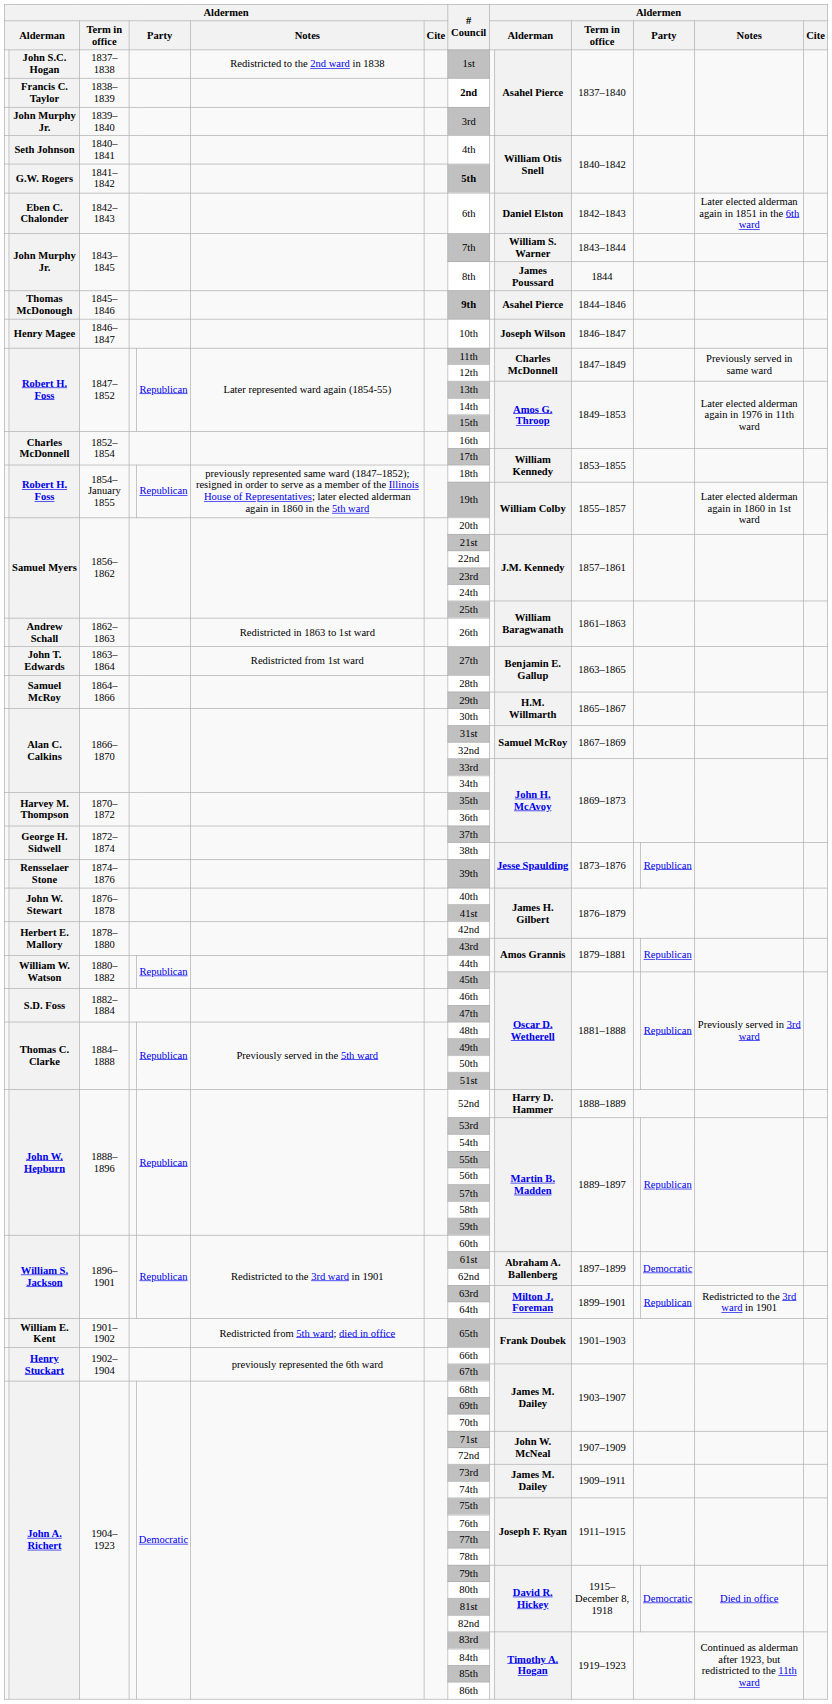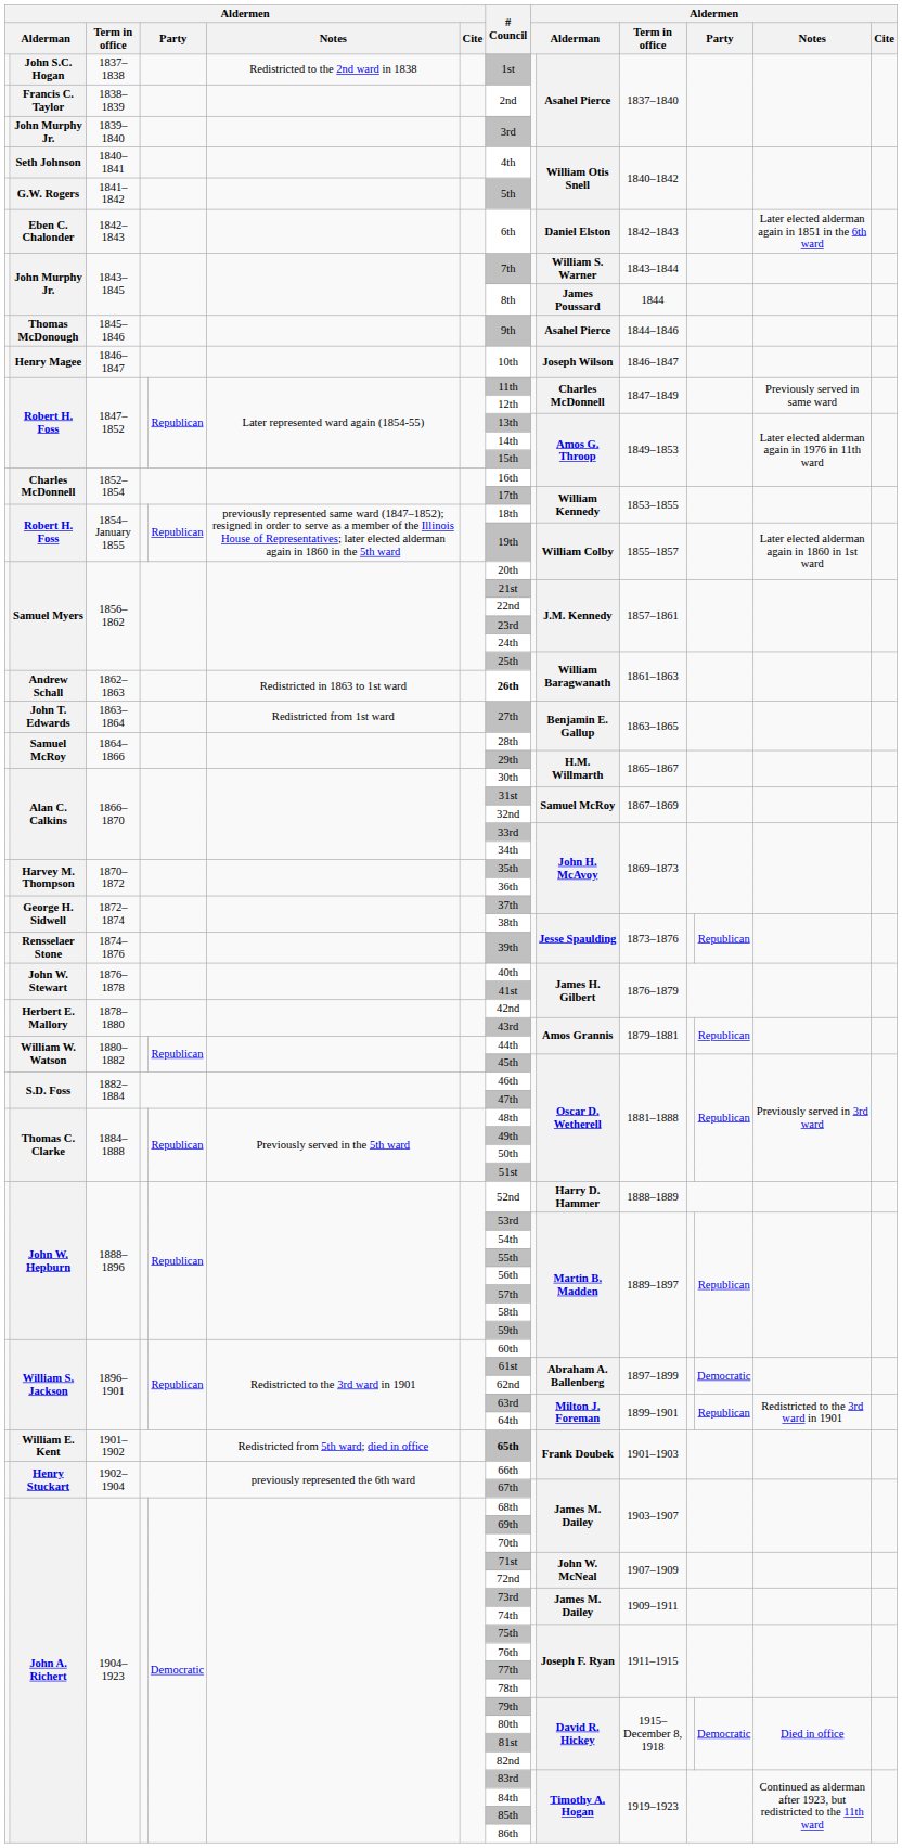 <table class="wikitable mw-collapsible" style="text-align:center;">
 <tr>
 <th scope="col" colspan="7">Aldermen</th>
 <th rowspan=2 scope=col># Council</th>
 <th scope="col" colspan="7">Aldermen</th>
 </tr>
 <tr>
 <th scope="col" colspan="2">Alderman</th>
 <th scope="col">Term in office</th>
 <th scope="col" colspan=2>Party</th>
 <th scope="col">Notes</th>
 <th scope="col">Cite</th>
 <th scope="col" colspan="2">Alderman</th>
 <th scope="col">Term in office</th>
 <th scope="col" colspan=2>Party</th>
 <th scope="col">Notes</th>
 <th scope="col">Cite</th>
 </tr>
 <tr>
 <td></td>
 <th scope="row">John S.C. Hogan</th>
 <td>1837–1838</td>
 <td colspan=2></td>
 <td>Redistricted to the <a href='#'>2nd ward</a> in 1838</td>
 <td></td>
 <td style= "background-color:#C0C0C0">1st</td>
 <td rowspan=3></td>
 <th rowspan=3 scope="row">Asahel Pierce</th>
 <td rowspan=3>1837–1840</td>
 <td rowspan=3 colspan=2></td>
 <td rowspan=3></td>
 <td rowspan=3></td>
 </tr>
 <tr>
 <td></td>
 <th scope="row">Francis C. Taylor</th>
 <td>1838–1839</td>
 <td colspan=2></td>
 <td></td>
 <td></td>
-<td style= "background-color:#FFFFFF"><strong>2nd</strong></td>
+<td style= "background-color:#FFFFFF">2nd</td>
 </tr>
 <tr>
 <td></td>
 <th scope="row">John Murphy Jr.</th>
 <td>1839–1840</td>
 <td colspan=2></td>
 <td></td>
 <td></td>
 <td style= "background-color:#C0C0C0">3rd</td>
 </tr>
 <tr>
 <td></td>
 <th scope="row">Seth Johnson</th>
 <td>1840–1841</td>
 <td colspan=2></td>
 <td></td>
 <td></td>
 <td style= "background-color:#FFFFFF">4th</td>
 <td rowspan=2></td>
 <th rowspan=2 scope="row">William Otis Snell</th>
 <td rowspan=2>1840–1842</td>
 <td rowspan=2 colspan=2></td>
 <td rowspan=2></td>
 <td rowspan=2></td>
 </tr>
 <tr>
 <td></td>
 <th scope="row">G.W. Rogers</th>
 <td>1841–1842</td>
 <td colspan=2></td>
 <td></td>
 <td></td>
-<td style= "background-color:#C0C0C0"><strong>5th</strong></td>
+<td style= "background-color:#C0C0C0">5th</td>
 </tr>
 <tr>
 <td></td>
 <th scope="row">Eben C. Chalonder</th>
 <td>1842–1843</td>
 <td colspan=2></td>
 <td></td>
 <td></td>
 <td style= "background-color:#FFFFFF">6th</td>
 <td></td>
 <th scope="row">Daniel Elston</th>
 <td>1842–1843</td>
 <td colspan=2></td>
 <td>Later elected alderman again in 1851 in the <a href='#'>6th ward</a></td>
 <td></td>
 </tr>
 <tr>
 <td rowspan=3></td>
 <th rowspan=3 scope="row">John Murphy Jr.</th>
 <td rowspan=3>1843–1845</td>
 <td rowspan=3 colspan=2></td>
 <td rowspan=3></td>
 <td rowspan=3></td>
 <td style= "background-color:#C0C0C0">7th</td>
 <td></td>
 <th scope="row">William S. Warner</th>
 <td>1843–1844</td>
 <td colspan=2></td>
 <td></td>
 <td></td>
 </tr>
 <tr>
 <td rowspan=2 style="background-color:#FFFFFF">8th</td>
 <td></td>
 <th scope="row">James Poussard</th>
 <td>1844</td>
 <td colspan=2></td>
 <td></td>
 <td></td>
 </tr>
 <tr>
 <td rowspan=2></td>
 <th rowspan=2 scope="row">Asahel Pierce</th>
 <td rowspan=2>1844–1846</td>
 <td rowspan=2 colspan=2></td>
 <td rowspan=2></td>
 <td rowspan=2></td>
 </tr>
 <tr>
 <td></td>
 <th scope="row">Thomas McDonough</th>
 <td>1845–1846</td>
 <td colspan=2></td>
 <td></td>
 <td></td>
-<td style= "background-color:#C0C0C0"><strong>9th</strong></td>
+<td style= "background-color:#C0C0C0">9th</td>
 </tr>
 <tr>
 <td></td>
 <th scope="row">Henry Magee</th>
 <td>1846–1847</td>
 <td colspan=2></td>
 <td></td>
 <td></td>
 <td style= "background-color:#FFFFFF">10th</td>
 <td></td>
 <th scope="row">Joseph Wilson</th>
 <td>1846–1847</td>
 <td colspan=2></td>
 <td></td>
 <td></td>
 </tr>
 <tr>
 <td rowspan=5></td>
 <th rowspan=5 scope="row"><a href='#'>Robert H. Foss</a></th>
 <td rowspan=5>1847–1852</td>
 <td rowspan=5> </td>
 <td rowspan=5><a href='#'>Republican</a></td>
 <td rowspan=5>Later represented ward again (1854-55)</td>
 <td rowspan=5></td>
 <td style="background-color:#C0C0C0">11th</td>
 <td rowspan=2></td>
 <th rowspan=2 scope="row">Charles McDonnell</th>
 <td rowspan=2>1847–1849</td>
 <td rowspan=2 colspan=2></td>
 <td rowspan=2>Previously served in same ward</td>
 <td rowspan=2></td>
 </tr>
 <tr>
 <td style= "background-color:#FFFFFF">12th</td>
 </tr>
 <tr>
 <td style= "background-color:#C0C0C0">13th</td>
 <td rowspan=4></td>
 <th rowspan=4 scope="row"><a href='#'>Amos G. Throop</a></th>
 <td rowspan=4>1849–1853</td>
 <td rowspan=4 colspan=2></td>
 <td rowspan=4>Later elected alderman again in 1976 in 11th ward</td>
 <td rowspan=4></td>
 </tr>
 <tr>
 <td style= "background-color:#FFFFFF">14th</td>
 </tr>
 <tr>
 <td style= "background-color:#C0C0C0">15th</td>
 </tr>
 <tr>
 <td rowspan=2></td>
 <th rowspan=2 scope="row">Charles McDonnell</th>
 <td rowspan=2>1852–1854</td>
 <td rowspan=2 colspan=2></td>
 <td rowspan=2></td>
 <td rowspan=2></td>
 <td style= "background-color:#FFFFFF">16th</td>
 </tr>
 <tr>
 <td style= "background-color:#C0C0C0">17th</td>
 <td rowspan=2></td>
 <th rowspan=2 scope="row">William Kennedy</th>
 <td rowspan=2>1853–1855</td>
 <td rowspan=2 colspan=2></td>
 <td rowspan=2></td>
 <td rowspan=2></td>
 </tr>
 <tr>
 <td rowspan=2></td>
 <th scope="row" rowspan=2><a href='#'>Robert H. Foss</a></th>
 <td rowspan=2>1854–January 1855</td>
 <td rowspan=2> </td>
 <td rowspan=2><a href='#'>Republican</a></td>
 <td rowspan=2>previously represented same ward (1847–1852); resigned in order to serve as a member of the <a href='#'>Illinois House of Representatives</a>; later elected alderman again in 1860 in the <a href='#'>5th ward</a></td>
 <td rowspan=2></td>
 <td style= "background-color:#FFFFFF">18th</td>
 </tr>
 <tr>
 <td style= "background-color:#C0C0C0">19th</td>
 <td rowspan=2></td>
 <th rowspan=2 scope="row">William Colby</th>
 <td rowspan=2>1855–1857</td>
 <td rowspan=2 colspan=2></td>
 <td rowspan=2>Later elected alderman again in 1860 in 1st ward</td>
 <td rowspan=2></td>
 </tr>
 <tr>
 <td rowspan=6></td>
 <th rowspan=6 scope="row">Samuel Myers</th>
 <td rowspan=6>1856–1862</td>
 <td rowspan=6 colspan=2></td>
 <td rowspan=6></td>
 <td rowspan=6></td>
 <td style= "background-color:#FFFFFF">20th</td>
 </tr>
 <tr>
 <td style= "background-color:#C0C0C0">21st</td>
 <td rowspan=4></td>
 <th rowspan=4 scope="row">J.M. Kennedy</th>
 <td rowspan=4>1857–1861</td>
 <td rowspan=4 colspan=2></td>
 <td rowspan=4></td>
 <td rowspan=4></td>
 </tr>
 <tr>
 <td style= "background-color:#FFFFFF">22nd</td>
 </tr>
 <tr>
 <td style= "background-color:#C0C0C0">23rd</td>
 </tr>
 <tr>
 <td style= "background-color:#FFFFFF">24th</td>
 </tr>
 <tr>
 <td style= "background-color:#C0C0C0">25th</td>
 <td rowspan=2></td>
 <th rowspan=2 scope="row">William Baragwanath</th>
 <td rowspan=2>1861–1863</td>
 <td rowspan=2 colspan=2></td>
 <td rowspan=2></td>
 <td rowspan=2></td>
 </tr>
 <tr>
 <td></td>
 <th scope="row">Andrew Schall</th>
 <td>1862–1863</td>
 <td colspan=2></td>
 <td>Redistricted in 1863 to 1st ward</td>
 <td></td>
-<td style= "background-color:#FFFFFF">26th</td>
+<td style= "background-color:#FFFFFF"><strong>26th</strong></td>
 </tr>
 <tr>
 <td></td>
 <th scope="row">John T. Edwards</th>
 <td>1863–1864</td>
 <td colspan=2></td>
 <td>Redistricted from 1st ward</td>
 <td></td>
 <td style= "background-color:#C0C0C0">27th</td>
 <td rowspan=2></td>
 <th rowspan=2 scope="row">Benjamin E. Gallup</th>
 <td rowspan=2>1863–1865</td>
 <td rowspan=2 colspan=2></td>
 <td rowspan=2></td>
 <td rowspan=2></td>
 </tr>
 <tr>
 <td rowspan=2></td>
 <th rowspan=2 scope="row">Samuel McRoy</th>
 <td rowspan=2>1864–1866</td>
 <td rowspan=2 colspan=2></td>
 <td rowspan=2></td>
 <td rowspan=2></td>
 <td style= "background-color:#FFFFFF">28th</td>
 </tr>
 <tr>
 <td style= "background-color:#C0C0C0">29th</td>
 <td rowspan=2></td>
 <th rowspan=2 scope="row">H.M. Willmarth</th>
 <td rowspan=2>1865–1867</td>
 <td rowspan=2 colspan=2></td>
 <td rowspan=2></td>
 <td rowspan=2></td>
 </tr>
 <tr>
 <td rowspan=5></td>
 <th rowspan=5 scope="row">Alan C. Calkins</th>
 <td rowspan=5>1866–1870</td>
 <td rowspan=5 colspan=2></td>
 <td rowspan=5></td>
 <td rowspan=5></td>
 <td style= "background-color:#FFFFFF">30th</td>
 </tr>
 <tr>
 <td style= "background-color:#C0C0C0">31st</td>
 <td rowspan=2></td>
 <th rowspan=2 scope="row">Samuel McRoy</th>
 <td rowspan=2>1867–1869</td>
 <td rowspan=2 colspan=2></td>
 <td rowspan=2></td>
 <td rowspan=2></td>
 </tr>
 <tr>
 <td style= "background-color:#FFFFFF">32nd</td>
 </tr>
 <tr>
 <td style= "background-color:#C0C0C0">33rd</td>
 <td rowspan=5></td>
 <th rowspan=5 scope="row"><a href='#'>John H. McAvoy</a></th>
 <td rowspan=5>1869–1873</td>
 <td rowspan=5 colspan=2></td>
 <td rowspan=5></td>
 <td rowspan=5></td>
 </tr>
 <tr>
 <td style= "background-color:#FFFFFF">34th</td>
 </tr>
 <tr>
 <td rowspan=2></td>
 <th rowspan=2 scope="row">Harvey M. Thompson</th>
 <td rowspan=2>1870–1872</td>
 <td rowspan=2 colspan=2></td>
 <td rowspan=2></td>
 <td rowspan=2></td>
 <td style= "background-color:#C0C0C0">35th</td>
 </tr>
 <tr>
 <td style= "background-color:#FFFFFF">36th</td>
 </tr>
 <tr>
 <td rowspan=2></td>
 <th rowspan=2 scope="row">George H. Sidwell</th>
 <td rowspan=2>1872–1874</td>
 <td rowspan=2 colspan=2></td>
 <td rowspan=2></td>
 <td rowspan=2></td>
 <td style= "background-color:#C0C0C0">37th</td>
 </tr>
 <tr>
 <td style= "background-color:#FFFFFF">38th</td>
 <td rowspan=2></td>
 <th rowspan=2 scope="row"><a href='#'>Jesse Spaulding</a></th>
 <td rowspan=2>1873–1876</td>
 <td rowspan=2> </td>
 <td rowspan=2><a href='#'>Republican</a></td>
 <td rowspan=2></td>
 </tr>
 <tr>
 <td rowspan=1></td>
 <th rowspan=1 scope="row">Rensselaer Stone</th>
 <td rowspan=1>1874–1876</td>
 <td rowspan=1 colspan=2></td>
 <td rowspan=1></td>
 <td rowspan=1></td>
 <td style= "background-color:#C0C0C0">39th</td>
 </tr>
 <tr>
 <td rowspan=2></td>
 <th rowspan=2 scope="row">John W. Stewart</th>
 <td rowspan=2>1876–1878</td>
 <td rowspan=2 colspan=2></td>
 <td rowspan=2></td>
 <td rowspan=2></td>
 <td style= "background-color:#FFFFFF">40th</td>
 <td rowspan=3></td>
 <th rowspan=3 scope="row">James H. Gilbert</th>
 <td rowspan=3>1876–1879</td>
 <td rowspan=3 colspan=2></td>
 <td rowspan=3></td>
 <td rowspan=3></td>
 </tr>
 <tr>
 <td style= "background-color:#C0C0C0">41st</td>
 </tr>
 <tr>
 <td rowspan=2></td>
 <th rowspan=2 scope="row">Herbert E. Mallory</th>
 <td rowspan=2>1878–1880</td>
 <td rowspan=2 colspan=2></td>
 <td rowspan=2></td>
 <td rowspan=2></td>
 <td style= "background-color:#FFFFFF">42nd</td>
 </tr>
 <tr>
 <td style= "background-color:#C0C0C0">43rd</td>
 <td rowspan=2></td>
 <th rowspan=2 scope="row">Amos Grannis</th>
 <td rowspan=2>1879–1881</td>
 <td rowspan=2> </td>
 <td rowspan=2><a href='#'>Republican</a></td>
 <td rowspan=2></td>
 <td rowspan=2></td>
 </tr>
 <tr>
 <td rowspan=2></td>
 <th rowspan=2 scope="row">William W. Watson</th>
 <td rowspan=2>1880–1882</td>
 <td rowspan=2> </td>
 <td rowspan=2><a href='#'>Republican</a></td>
 <td rowspan=2></td>
 <td rowspan=2></td>
 <td style= "background-color:#FFFFFF">44th</td>
 </tr>
 <tr>
 <td style= "background-color:#C0C0C0">45th</td>
 <td rowspan=7></td>
 <th rowspan=7 scope="row"><a href='#'>Oscar D. Wetherell</a></th>
 <td rowspan=7>1881–1888</td>
 <td rowspan=7> </td>
 <td rowspan=7><a href='#'>Republican</a></td>
 <td rowspan=7>Previously served in <a href='#'>3rd ward</a></td>
 <td rowspan=7></td>
 </tr>
 <tr>
 <td rowspan=2></td>
 <th rowspan=2 scope="row">S.D. Foss</th>
 <td rowspan=2>1882–1884</td>
 <td rowspan=2 colspan=2></td>
 <td rowspan=2></td>
 <td rowspan=2></td>
 <td style= "background-color:#FFFFFF">46th</td>
 </tr>
 <tr>
 <td style= "background-color:#C0C0C0">47th</td>
 </tr>
 <tr>
 <td rowspan=4></td>
 <th rowspan=4 scope="row">Thomas C. Clarke</th>
 <td rowspan=4>1884–1888</td>
 <td rowspan=4> </td>
 <td rowspan=4><a href='#'>Republican</a></td>
 <td rowspan=4>Previously served in the <a href='#'>5th ward</a></td>
 <td rowspan=4></td>
 <td style= "background-color:#FFFFFF">48th</td>
 </tr>
 <tr>
 <td style= "background-color:#C0C0C0">49th</td>
 </tr>
 <tr>
 <td style= "background-color:#FFFFFF">50th</td>
 </tr>
 <tr>
 <td style= "background-color:#C0C0C0">51st</td>
 </tr>
 <tr>
 <td rowspan=8></td>
 <th rowspan=8 scope="row"><a href='#'>John W. Hepburn</a></th>
 <td rowspan=8>1888–1896</td>
 <td rowspan=8> </td>
 <td rowspan=8><a href='#'>Republican</a></td>
 <td rowspan=8></td>
 <td rowspan=8></td>
 <td style= "background-color:#FFFFFF">52nd</td>
 <td></td>
 <th scope="row">Harry D. Hammer</th>
 <td>1888–1889</td>
 <td colspan=2></td>
 <td></td>
 <td></td>
 </tr>
 <tr>
 <td style= "background-color:#C0C0C0">53rd</td>
 <td rowspan=8></td>
 <th rowspan=8 scope="row"><a href='#'>Martin B. Madden</a></th>
 <td rowspan=8>1889–1897</td>
 <td rowspan=8> </td>
 <td rowspan=8><a href='#'>Republican</a></td>
 <td rowspan=8></td>
 <td rowspan=8></td>
 </tr>
 <tr>
 <td style= "background-color:#FFFFFF">54th</td>
 </tr>
 <tr>
 <td style= "background-color:#C0C0C0">55th</td>
 </tr>
 <tr>
 <td style= "background-color:#FFFFFF">56th</td>
 </tr>
 <tr>
 <td style= "background-color:#C0C0C0">57th</td>
 </tr>
 <tr>
 <td style= "background-color:#FFFFFF">58th</td>
 </tr>
 <tr>
 <td style= "background-color:#C0C0C0">59th</td>
 </tr>
 <tr>
 <td rowspan=5></td>
 <th rowspan=5 scope="row"><a href='#'>William S. Jackson</a></th>
 <td rowspan=5>1896–1901</td>
 <td rowspan=5> </td>
 <td rowspan=5><a href='#'>Republican</a></td>
 <td rowspan=5>Redistricted to the <a href='#'>3rd ward</a> in 1901</td>
 <td rowspan=5></td>
 <td style= "background-color:#FFFFFF">60th</td>
 </tr>
 <tr>
 <td style= "background-color:#C0C0C0">61st</td>
 <td rowspan=2></td>
 <th rowspan=2 scope="row">Abraham A. Ballenberg</th>
 <td rowspan=2>1897–1899</td>
 <td rowspan=2> </td>
 <td rowspan=2><a href='#'>Democratic</a></td>
 <td rowspan=2></td>
 <td rowspan=2></td>
 </tr>
 <tr>
 <td style= "background-color:#FFFFFF">62nd</td>
 </tr>
 <tr>
 <td style= "background-color:#C0C0C0">63rd</td>
 <td rowspan=2></td>
 <th rowspan=2 scope="row"><a href='#'>Milton J. Foreman</a></th>
 <td rowspan=2>1899–1901</td>
 <td rowspan=2> </td>
 <td rowspan=2><a href='#'>Republican</a></td>
 <td rowspan=2>Redistricted to the <a href='#'>3rd ward</a> in 1901</td>
 <td rowspan=2></td>
 </tr>
 <tr>
 <td style= "background-color:#FFFFFF">64th</td>
 </tr>
 <tr>
 <td></td>
 <th scope="row">William E. Kent</th>
 <td>1901–1902</td>
 <td colspan=2></td>
 <td>Redistricted from <a href='#'>5th ward</a>; <a href='#'>died in office</a></td>
 <td></td>
-<td style= "background-color:#C0C0C0">65th</td>
+<td style= "background-color:#C0C0C0"><strong>65th</strong></td>
 <td rowspan=2></td>
 <th rowspan=2 scope="row">Frank Doubek</th>
 <td rowspan=2>1901–1903</td>
 <td rowspan=2 colspan=2></td>
 <td rowspan=2></td>
 <td rowspan=2></td>
 </tr>
 <tr>
 <td rowspan=2></td>
 <th rowspan=2 scope="row"><a href='#'>Henry Stuckart</a></th>
 <td rowspan=2>1902–1904</td>
 <td rowspan=2 colspan=2></td>
 <td rowspan=2>previously represented the 6th ward</td>
 <td rowspan=2></td>
 <td style= "background-color:#FFFFFF">66th</td>
 </tr>
 <tr>
 <td style= "background-color:#C0C0C0">67th</td>
 <td rowspan=4></td>
 <th rowspan=4 scope="row">James M. Dailey</th>
 <td rowspan=4>1903–1907</td>
 <td rowspan=4 colspan=2></td>
 <td rowspan=4></td>
 <td rowspan=4></td>
 </tr>
 <tr>
 <td rowspan=19></td>
 <th rowspan=19 scope="row"><a href='#'>John A. Richert</a></th>
 <td rowspan=19>1904–1923</td>
 <td rowspan=19> </td>
 <td rowspan=19><a href='#'>Democratic</a></td>
 <td rowspan=19></td>
 <td rowspan=19></td>
 <td style= "background-color:#FFFFFF">68th</td>
 </tr>
 <tr>
 <td style= "background-color:#C0C0C0">69th</td>
 </tr>
 <tr>
 <td style= "background-color:#FFFFFF">70th</td>
 </tr>
 <tr>
 <td style= "background-color:#C0C0C0">71st</td>
 <td rowspan=2></td>
 <th rowspan=2 scope="row">John W. McNeal</th>
 <td rowspan=2>1907–1909</td>
 <td rowspan=2 colspan=2></td>
 <td rowspan=2></td>
 <td rowspan=2></td>
 </tr>
 <tr>
 <td style= "background-color:#FFFFFF">72nd</td>
 </tr>
 <tr>
 <td style= "background-color:#C0C0C0">73rd</td>
 <td rowspan=2></td>
 <th rowspan=2 scope="row">James M. Dailey</th>
 <td rowspan=2>1909–1911</td>
 <td rowspan=2 colspan=2></td>
 <td rowspan=2></td>
 <td rowspan=2></td>
 </tr>
 <tr>
 <td style= "background-color:#FFFFFF">74th</td>
 </tr>
 <tr>
 <td style= "background-color:#C0C0C0">75th</td>
 <td rowspan=4></td>
 <th rowspan=4 scope="row">Joseph F. Ryan</th>
 <td rowspan=4>1911–1915</td>
 <td rowspan=4 colspan=2></td>
 <td rowspan=4></td>
 <td rowspan=4></td>
 </tr>
 <tr>
 <td style= "background-color:#FFFFFF">76th</td>
 </tr>
 <tr>
 <td style= "background-color:#C0C0C0">77th</td>
 </tr>
 <tr>
 <td style= "background-color:#FFFFFF">78th</td>
 </tr>
 <tr>
 <td style= "background-color:#C0C0C0">79th</td>
 <td rowspan=4></td>
 <th rowspan=4 scope="row"><a href='#'>David R. Hickey</a></th>
 <td rowspan=4>1915–December 8, 1918</td>
 <td rowspan=4> </td>
 <td rowspan=4><a href='#'>Democratic</a></td>
 <td rowspan=4><a href='#'>Died in office</a></td>
 <td rowspan=4></td>
 </tr>
 <tr>
 <td style= "background-color:#FFFFFF">80th</td>
 </tr>
 <tr>
 <td style= "background-color:#C0C0C0">81st</td>
 </tr>
 <tr>
 <td style= "background-color:#FFFFFF">82nd</td>
 </tr>
 <tr>
 <td style= "background-color:#C0C0C0">83rd</td>
 <td rowspan=4></td>
 <th rowspan=4 scope="row"><a href='#'>Timothy A. Hogan</a></th>
 <td rowspan=4>1919–1923</td>
 <td rowspan=4 colspan=2></td>
 <td rowspan=4>Continued as alderman after 1923, but redistricted to the <a href='#'>11th ward</a></td>
 <td rowspan=4></td>
 </tr>
 <tr>
 <td style= "background-color:#FFFFFF">84th</td>
 </tr>
 <tr>
 <td style= "background-color:#C0C0C0">85th</td>
 </tr>
 <tr>
 <td style= "background-color:#FFFFFF">86th</td>
 </tr>
 </table>
